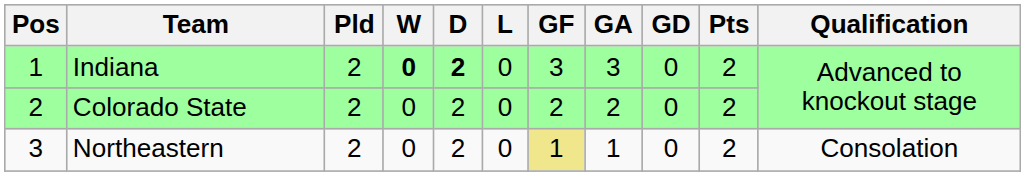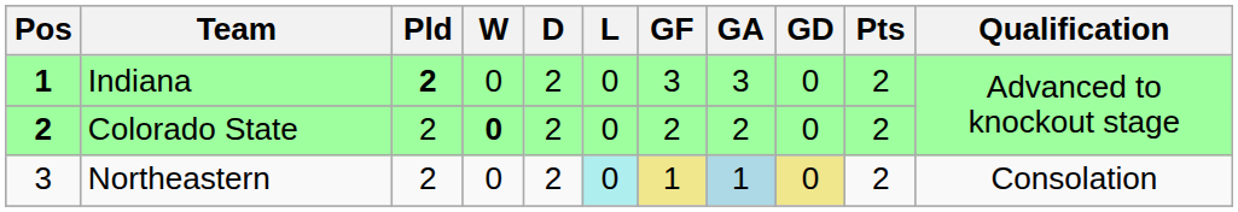 <table class="wikitable" style="text-align:center; margin: 1em auto">
 <tr>
 <th style="width:2em">Pos</th>
 <th style="width:13em">Team</th>
 <th style="width:2em">Pld</th>
 <th style="width:2em">W</th>
 <th style="width:2em">D</th>
 <th style="width:2em">L</th>
 <th style="width:2em">GF</th>
 <th style="width:2em">GA</th>
 <th style="width:2em">GD</th>
 <th style="width:2em">Pts</th>
 <th style="width:13em">Qualification</th>
 </tr>
 <tr bgcolor="#9eff9e">
-<td>1</td>
+<td><strong>1</strong></td>
 <td style="text-align:left">Indiana</td>
+<td><strong>2</strong></td>
+<td>0</td>
 <td>2</td>
-<td><strong>0</strong></td>
-<td><strong>2</strong></td>
 <td>0</td>
 <td>3</td>
 <td>3</td>
 <td>0</td>
 <td>2</td>
 <td rowspan="2">Advanced to knockout stage</td>
 </tr>
 <tr bgcolor="#9eff9e">
-<td>2</td>
+<td><strong>2</strong></td>
 <td style="text-align:left">Colorado State</td>
 <td>2</td>
-<td>0</td>
+<td><strong>0</strong></td>
 <td>2</td>
 <td>0</td>
 <td>2</td>
 <td>2</td>
 <td>0</td>
 <td>2</td>
 </tr>
 <tr>
 <td>3</td>
 <td style="text-align:left">Northeastern</td>
 <td>2</td>
 <td>0</td>
 <td>2</td>
-<td>0</td>
+<td style="background: paleturquoise;">0</td>
 <td style="background: khaki;">1</td>
-<td>1</td>
-<td>0</td>
+<td style="background: lightblue;">1</td>
+<td style="background: khaki;">0</td>
 <td>2</td>
 <td>Consolation</td>
 </tr>
 </table>
